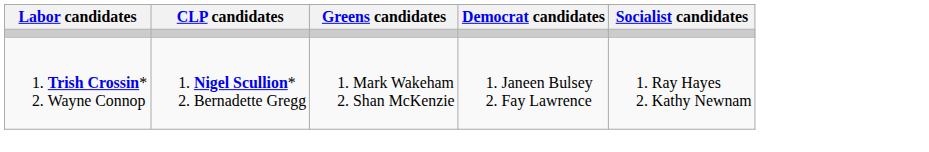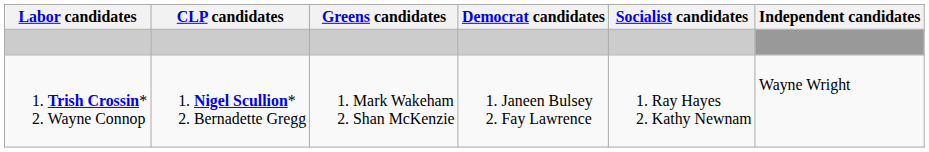 <table class="wikitable">
 <tr>
 <th><a href='#'>Labor</a> candidates</th>
 <th><a href='#'>CLP</a> candidates</th>
 <th><a href='#'>Greens</a> candidates</th>
 <th><a href='#'>Democrat</a> candidates</th>
 <th><a href='#'>Socialist</a> candidates</th>
+<th>Independent candidates</th>
 </tr>
 <tr style="background:#ccc;">
 <td></td>
 <td></td>
 <td></td>
 <td></td>
 <td></td>
+<td style="background:#999;"> </td>
 </tr>
 <tr>
 <td><br><ol><li><strong><a href='#'>Trish Crossin</a></strong>*</li><li>Wayne Connop</li></ol></td>
 <td><br><ol><li><strong><a href='#'>Nigel Scullion</a></strong>*</li><li>Bernadette Gregg</li></ol></td>
 <td valign=top><br><ol><li>Mark Wakeham</li><li>Shan McKenzie</li></ol></td>
 <td valign=top><br><ol><li>Janeen Bulsey</li><li>Fay Lawrence</li></ol></td>
 <td valign=top><br><ol><li>Ray Hayes</li><li>Kathy Newnam</li></ol></td>
+<td valign=top><br>Wayne Wright</td>
 </tr>
 </table>
